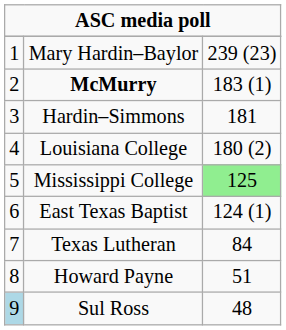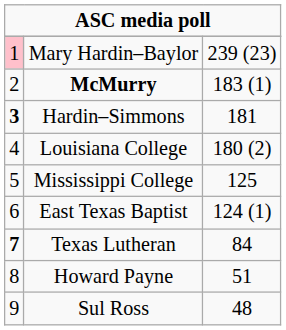 <table class="wikitable" style="display: inline-table;">
 <tr>
 <td align="center" Colspan="3"><strong>ASC media poll</strong></td>
 </tr>
 <tr align="center">
 </tr>
 <tr align="center">
-<td>1</td>
+<td style="background: pink;">1</td>
 <td>Mary Hardin–Baylor</td>
 <td>239 (23)</td>
 </tr>
 <tr align="center">
 <td>2</td>
 <td><strong>McMurry</strong></td>
 <td>183 (1)</td>
 </tr>
 <tr align="center">
-<td>3</td>
+<td><strong>3</strong></td>
 <td>Hardin–Simmons</td>
 <td>181</td>
 </tr>
 <tr align="center">
 <td>4</td>
 <td>Louisiana College</td>
 <td>180 (2)</td>
 </tr>
 <tr align="center">
 <td>5</td>
 <td>Mississippi College</td>
-<td style="background: lightgreen;">125</td>
+<td>125</td>
 </tr>
 <tr align="center">
 <td>6</td>
 <td>East Texas Baptist</td>
 <td>124 (1)</td>
 </tr>
 <tr align="center">
-<td>7</td>
+<td><strong>7</strong></td>
 <td>Texas Lutheran</td>
 <td>84</td>
 </tr>
 <tr align="center">
 <td>8</td>
 <td>Howard Payne</td>
 <td>51</td>
 </tr>
 <tr align="center">
-<td style="background: lightblue;">9</td>
+<td>9</td>
 <td>Sul Ross</td>
 <td>48</td>
 </tr>
 </table>
